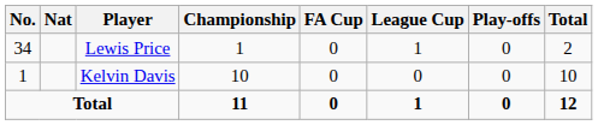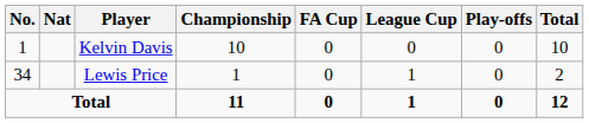 <table class="wikitable" style="text-align:center">
 <tr>
 <th width=0%>No.</th>
 <th width=0%>Nat</th>
 <th width=0%>Player</th>
 <th width=0%>Championship</th>
 <th width=0%>FA Cup</th>
 <th width=0%>League Cup</th>
 <th width=0%>Play-offs</th>
 <th width=0%>Total</th>
 </tr>
 <tr>
+<td>1</td>
+<td></td>
+<td><a href='#'>Kelvin Davis</a></td>
+<td>10</td>
+<td>0</td>
+<td>0</td>
+<td>0</td>
+<td>10</td>
+</tr>
+<tr>
 <td>34</td>
 <td></td>
 <td><a href='#'>Lewis Price</a></td>
 <td>1</td>
 <td>0</td>
 <td>1</td>
 <td>0</td>
 <td>2</td>
 </tr>
 <tr>
-<td>1</td>
-<td></td>
-<td><a href='#'>Kelvin Davis</a></td>
-<td>10</td>
-<td>0</td>
-<td>0</td>
-<td>0</td>
-<td>10</td>
-</tr>
-<tr>
 <td colspan=3><strong>Total</strong></td>
 <td><strong>11</strong></td>
 <td><strong>0</strong></td>
 <td><strong>1</strong></td>
 <td><strong>0</strong></td>
 <td><strong>12</strong></td>
 </tr>
 </table>
